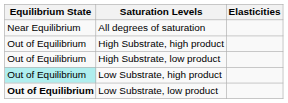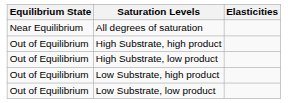 <table class="wikitable" style="margin-left: auto; margin-right: auto; border: none;">
 <tr>
 <th>Equilibrium State</th>
 <th>Saturation Levels</th>
 <th>Elasticities</th>
 </tr>
 <tr>
 <td>Near Equilibrium</td>
 <td>All degrees of saturation</td>
 <td></td>
 </tr>
 <tr>
 <td>Out of Equilibrium</td>
 <td>High Substrate, high product</td>
 <td></td>
 </tr>
 <tr>
 <td>Out of Equilibrium</td>
 <td>High Substrate, low product</td>
 <td></td>
 </tr>
 <tr>
-<td style="background: paleturquoise;">Out of Equilibrium</td>
+<td>Out of Equilibrium</td>
 <td>Low Substrate, high product</td>
 <td></td>
 </tr>
 <tr>
-<td><strong>Out of Equilibrium</strong></td>
+<td>Out of Equilibrium</td>
 <td>Low Substrate, low product</td>
 <td></td>
 </tr>
 <tr>
 </tr>
 </table>
